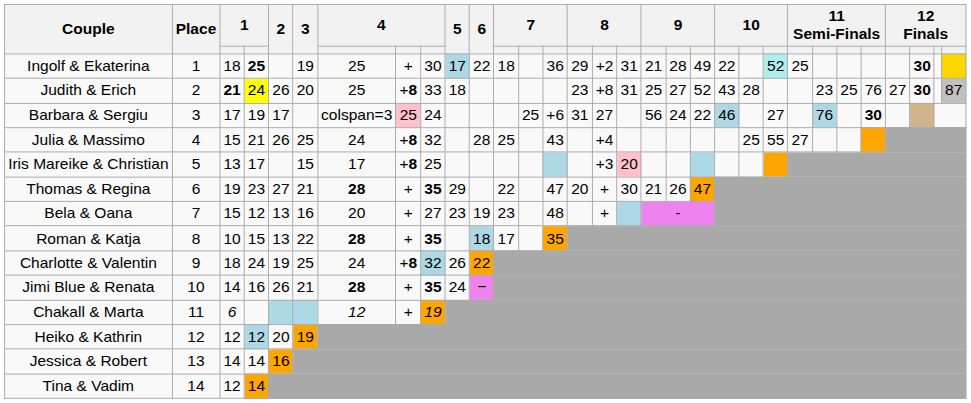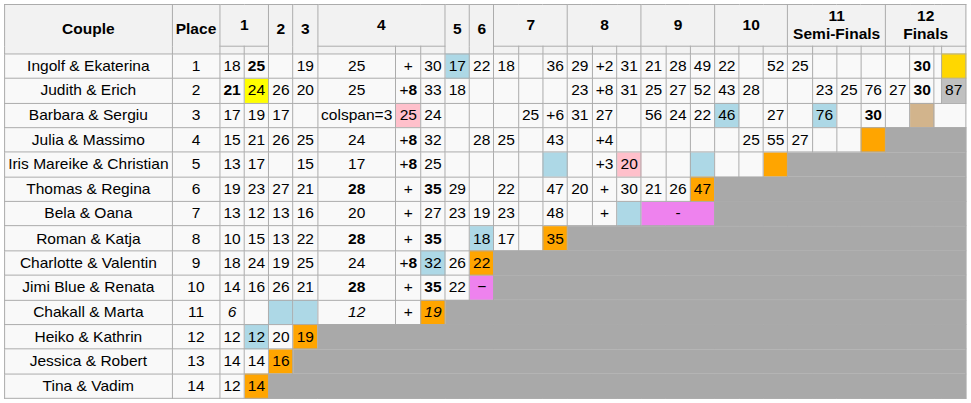 <table class="wikitable sortable" style="margin: auto; text-align: center;">
 <tr>
 <th rowspan=2>Couple</th>
 <th rowspan=2>Place</th>
 <th colspan=2>1</th>
 <th rowspan=2>2</th>
 <th rowspan=2>3</th>
 <th colspan=3>4</th>
 <th rowspan=2>5</th>
 <th rowspan=2>6</th>
 <th colspan="3">7</th>
 <th colspan="3">8</th>
 <th colspan="3">9</th>
 <th colspan="3">10</th>
 <th colspan="4">11<br>Semi-Finals</th>
 <th colspan="4">12<br>Finals</th>
 </tr>
 <tr>
 <th></th>
 <th></th>
 <th></th>
 <th></th>
 <th></th>
 <th></th>
 <th></th>
 <th></th>
 <th></th>
 <th></th>
 <th></th>
 <th></th>
 <th></th>
 <th></th>
 <th></th>
 <th></th>
 <th></th>
 <th></th>
 <th></th>
 <th></th>
 <th></th>
 <th></th>
 <th></th>
 <th></th>
 <th></th>
 </tr>
 <tr>
 <td><div>Ingolf & Ekaterina</div></td>
 <td>1</td>
 <td>18</td>
 <td><span><strong>25</strong></span></td>
 <td></td>
 <td>19</td>
 <td>25</td>
 <td>+</td>
 <td>30</td>
 <td bgcolor="lightblue">17</td>
 <td>22</td>
 <td>18</td>
 <td></td>
 <td>36</td>
 <td>29</td>
 <td>+2</td>
 <td>31</td>
 <td>21</td>
 <td>28</td>
 <td>49</td>
 <td>22</td>
 <td></td>
-<td style="background: paleturquoise;">52</td>
+<td>52</td>
 <td>25</td>
 <td></td>
 <td></td>
 <td></td>
 <td></td>
 <td><strong>30</strong></td>
 <td></td>
 <td bgcolor="gold"></td>
 </tr>
 <tr>
 <td><div>Judith & Erich</div></td>
 <td>2</td>
 <td><span><strong>21</strong></span></td>
 <td bgcolor="yellow">24</td>
 <td>26</td>
 <td>20</td>
 <td>25</td>
 <td>+<span><strong>8</strong></span></td>
 <td>33</td>
 <td>18</td>
 <td></td>
 <td></td>
 <td></td>
 <td></td>
 <td>23</td>
 <td>+8</td>
 <td>31</td>
 <td>25</td>
 <td>27</td>
 <td>52</td>
 <td>43</td>
 <td>28</td>
 <td></td>
 <td></td>
 <td>23</td>
 <td>25</td>
 <td>76</td>
 <td>27</td>
 <td><strong>30</strong></td>
 <td></td>
 <td bgcolor="silver">87</td>
 </tr>
 <tr>
 <td><div>Barbara & Sergiu</div></td>
 <td>3</td>
 <td>17</td>
 <td>19</td>
 <td>17</td>
 <td></td>
 <td>colspan=3 </td>
 <td style="background:pink;">25</td>
 <td>24</td>
 <td></td>
 <td></td>
 <td></td>
 <td>25</td>
 <td>+6</td>
 <td>31</td>
 <td>27</td>
 <td></td>
 <td>56</td>
 <td>24</td>
 <td>22</td>
 <td bgcolor="lightblue">46</td>
 <td></td>
 <td>27</td>
 <td></td>
 <td style="background:lightblue;">76</td>
 <td></td>
 <td><strong>30</strong></td>
 <td></td>
 <td bgcolor="tan"></td>
 </tr>
 <tr>
 <td><div>Julia & Massimo</div></td>
 <td>4</td>
 <td>15</td>
 <td>21</td>
 <td>26</td>
 <td>25</td>
 <td>24</td>
 <td>+<span><strong>8</strong></span></td>
 <td>32</td>
 <td></td>
 <td>28</td>
 <td>25</td>
 <td></td>
 <td>43</td>
 <td></td>
 <td>+4</td>
 <td></td>
 <td></td>
 <td></td>
 <td></td>
 <td></td>
 <td>25</td>
 <td>55</td>
 <td>27</td>
 <td></td>
 <td></td>
 <td style="background:orange;"></td>
 <td style="background:darkgrey;" colspan="30"></td>
 </tr>
 <tr>
 <td><div>Iris Mareike & Christian</div></td>
 <td>5</td>
 <td>13</td>
 <td>17</td>
 <td></td>
 <td>15</td>
 <td>17</td>
 <td>+<span><strong>8</strong></span></td>
 <td>25</td>
 <td></td>
 <td></td>
 <td></td>
 <td></td>
 <td bgcolor="lightblue"></td>
 <td></td>
 <td>+3</td>
 <td style="background:pink;">20</td>
 <td></td>
 <td></td>
 <td bgcolor="lightblue"></td>
 <td></td>
 <td></td>
 <td style="background:orange;"></td>
 <td style="background:darkgrey;" colspan="30"></td>
 </tr>
 <tr>
 <td><div>Thomas & Regina</div></td>
 <td>6</td>
 <td>19</td>
 <td>23</td>
 <td>27</td>
 <td>21</td>
 <td><span><strong>28</strong></span></td>
 <td>+</td>
 <td><span><strong>35</strong></span></td>
 <td>29</td>
 <td></td>
 <td>22</td>
 <td></td>
 <td>47</td>
 <td>20</td>
 <td>+</td>
 <td>30</td>
 <td>21</td>
 <td>26</td>
 <td style="background:orange;">47</td>
 <td style="background:darkgrey;" colspan="30"></td>
 </tr>
 <tr>
 <td><div>Bela & Oana</div></td>
 <td>7</td>
-<td>15</td>
+<td>13</td>
 <td>12</td>
 <td>13</td>
 <td>16</td>
 <td>20</td>
 <td>+</td>
 <td>27</td>
 <td>23</td>
 <td>19</td>
 <td>23</td>
 <td></td>
 <td>48</td>
 <td></td>
 <td>+</td>
 <td bgcolor="lightblue"></td>
 <td bgcolor="violet" colspan=3>-</td>
 <td style="background:darkgrey;" colspan="30"></td>
 </tr>
 <tr>
 <td><div>Roman & Katja</div></td>
 <td>8</td>
 <td>10</td>
 <td>15</td>
 <td>13</td>
 <td>22</td>
 <td><span><strong>28</strong></span></td>
 <td>+</td>
 <td><span><strong>35</strong></span></td>
 <td></td>
 <td bgcolor="lightblue">18</td>
 <td>17</td>
 <td></td>
 <td style="background:orange;">35</td>
 <td style="background:darkgrey;" colspan="30"></td>
 </tr>
 <tr>
 <td><div>Charlotte & Valentin</div></td>
 <td>9</td>
 <td>18</td>
 <td>24</td>
 <td>19</td>
 <td>25</td>
 <td>24</td>
 <td>+<span><strong>8</strong></span></td>
 <td bgcolor="lightblue">32</td>
 <td>26</td>
 <td style="background:orange;">22</td>
 <td style="background:darkgrey;" colspan="30"></td>
 </tr>
 <tr>
 <td><div>Jimi Blue & Renata</div></td>
 <td>10</td>
 <td>14</td>
 <td>16</td>
 <td>26</td>
 <td>21</td>
 <td><span><strong>28</strong></span></td>
 <td>+</td>
 <td><span><strong>35</strong></span></td>
-<td>24</td>
+<td>22</td>
 <td style="background:violet;">−</td>
 <td style="background:darkgrey;" colspan="30"></td>
 </tr>
 <tr>
 <td><div>Chakall & Marta</div></td>
 <td>11</td>
 <td><span><em>6</em></span></td>
 <td></td>
 <td bgcolor="lightblue"></td>
 <td bgcolor="lightblue"></td>
 <td><span><em>12</em></span></td>
 <td>+</td>
 <td style="background:orange;"><span><em>19</em></span></td>
 <td style="background:darkgrey;" colspan="30"></td>
 </tr>
 <tr>
 <td><div>Heiko & Kathrin</div></td>
 <td>12</td>
 <td>12</td>
 <td style="background:lightblue;">12</td>
 <td>20</td>
 <td style="background:orange;">19</td>
 <td style="background:darkgrey;" colspan="30"></td>
 </tr>
 <tr>
 <td><div>Jessica & Robert</div></td>
 <td>13</td>
 <td>14</td>
 <td>14</td>
 <td style="background:orange;">16</td>
 <td style="background:darkgrey;" colspan="30"></td>
 </tr>
 <tr>
 <td><div>Tina & Vadim</div></td>
 <td>14</td>
 <td>12</td>
 <td style="background:orange;">14</td>
 <td style="background:darkgrey;" colspan="30"></td>
 </tr>
 </table>
